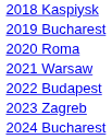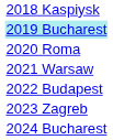 <table>
 <tr>
 <td rowspan=2><a href='#'>2018 Kaspiysk</a></td>
 <td rowspan=2></td>
 <td rowspan=2></td>
 <td></td>
 </tr>
 <tr>
 <td></td>
 </tr>
 <tr>
-<td><a href='#'>2019 Bucharest</a></td>
+<td style="background: paleturquoise;"><a href='#'>2019 Bucharest</a></td>
 <td></td>
 <td></td>
 <td></td>
 </tr>
 <tr>
 <td rowspan=2><a href='#'>2020 Roma</a></td>
 <td rowspan=2></td>
 <td rowspan=2></td>
 <td></td>
 </tr>
 <tr>
 <td></td>
 </tr>
 <tr>
 <td rowspan=2><a href='#'>2021 Warsaw</a></td>
 <td rowspan=2></td>
 <td rowspan=2></td>
 <td></td>
 </tr>
 <tr>
 <td></td>
 </tr>
 <tr>
 <td rowspan=2><a href='#'>2022 Budapest</a></td>
 <td rowspan=2></td>
 <td rowspan=2></td>
 <td></td>
 </tr>
 <tr>
 <td></td>
 </tr>
 <tr>
 <td rowspan=2><a href='#'>2023 Zagreb</a></td>
 <td rowspan=2></td>
 <td rowspan=2></td>
 <td></td>
 </tr>
 <tr>
 <td></td>
 </tr>
 <tr>
 <td rowspan=2><a href='#'>2024 Bucharest</a></td>
 <td rowspan=2></td>
 <td rowspan=2></td>
 <td></td>
 </tr>
 <tr>
 <td></td>
 </tr>
 </table>
